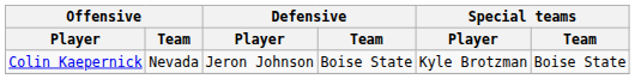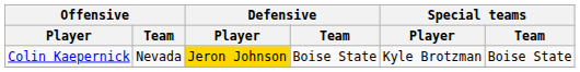 <table class="wikitable" border="1">
 <tr>
 <th colspan="2">Offensive</th>
 <th colspan="2">Defensive</th>
 <th colspan="2">Special teams</th>
 </tr>
 <tr>
 <th>Player</th>
 <th>Team</th>
 <th>Player</th>
 <th>Team</th>
 <th>Player</th>
 <th>Team</th>
 </tr>
 <tr>
 <td><a href='#'>Colin Kaepernick</a></td>
 <td>Nevada</td>
-<td>Jeron Johnson</td>
+<td style="background: gold;">Jeron Johnson</td>
 <td>Boise State</td>
 <td>Kyle Brotzman</td>
 <td>Boise State</td>
 </tr>
 <tr>
 </tr>
 </table>
